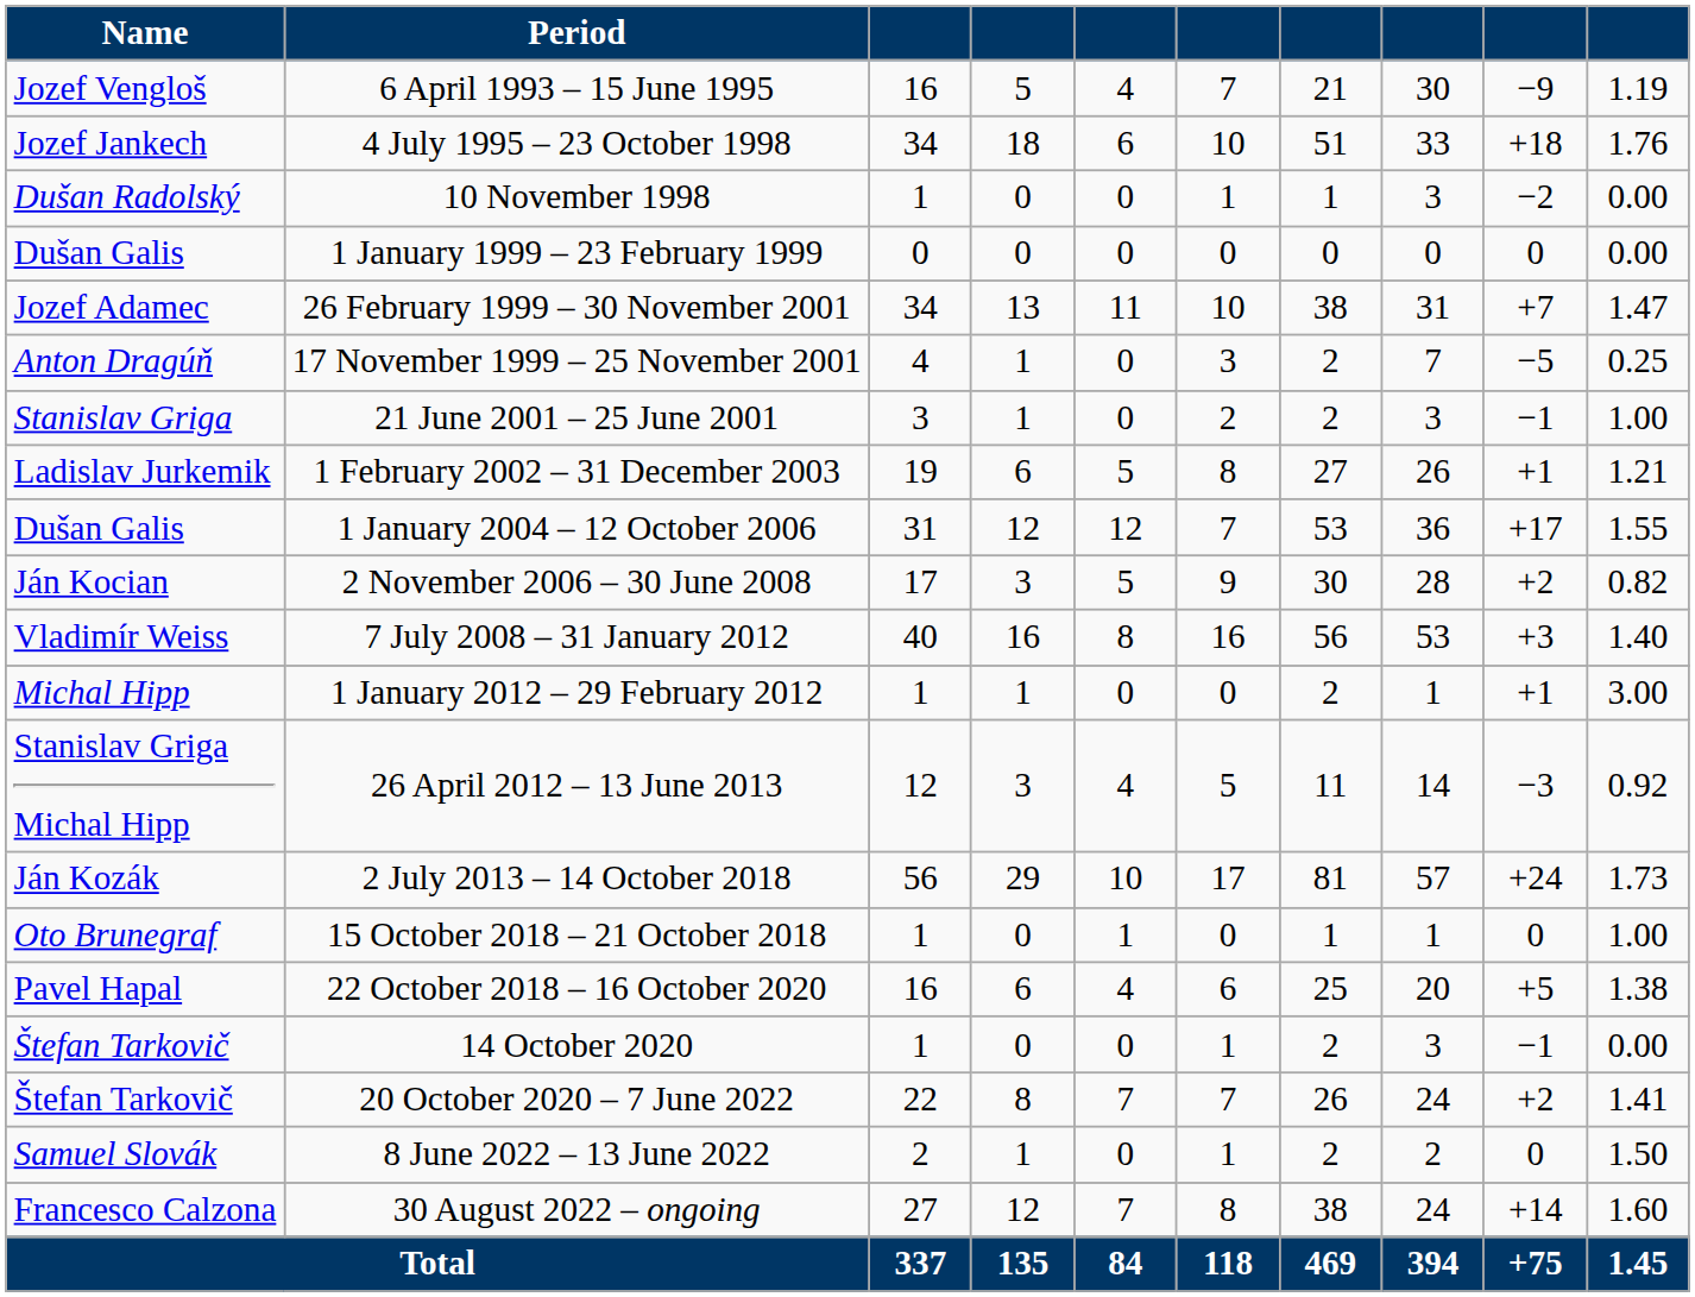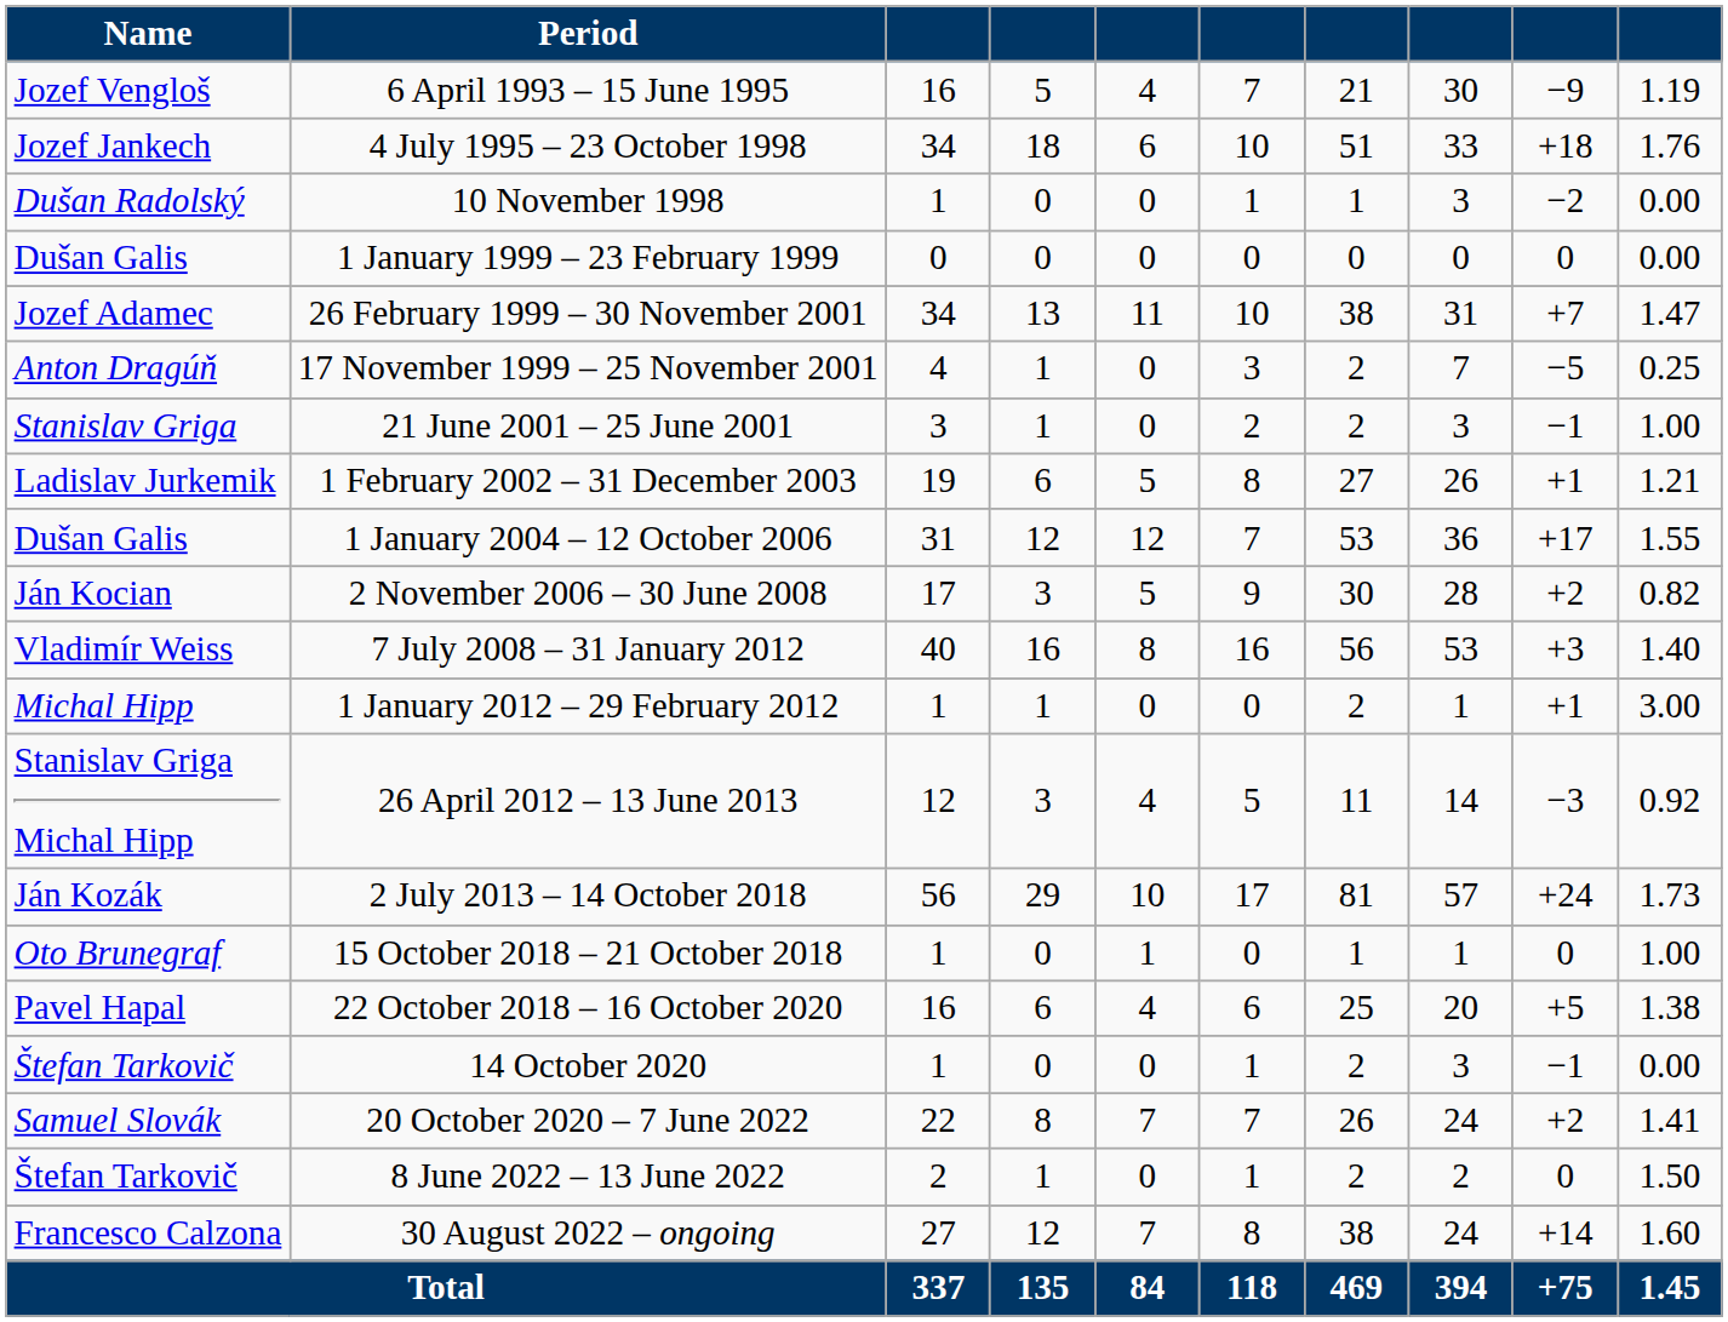 <table class="wikitable sortable" style="text-align: center; font-size:">
 <tr>
 <th style="background:#003665; color:white; ">Name</th>
 <th style="background:#003665; color:white; ">Period</th>
 <th style="width:40px; background:#003665; color:white; "></th>
 <th style="width:40px; background:#003665; color:white; "></th>
 <th style="width:40px; background:#003665; color:white; "></th>
 <th style="width:40px; background:#003665; color:white; "></th>
 <th style="width:40px; background:#003665; color:white; "></th>
 <th style="width:40px; background:#003665; color:white; "></th>
 <th style="width:40px; background:#003665; color:white; "></th>
 <th style="width:40px; background:#003665; color:white; "></th>
 </tr>
 <tr>
 <td align=left> <a href='#'>Jozef Vengloš</a></td>
 <td>6 April 1993 – 15 June 1995</td>
 <td>16</td>
 <td>5</td>
 <td>4</td>
 <td>7</td>
 <td>21</td>
 <td>30</td>
 <td>−9</td>
 <td>1.19</td>
 </tr>
 <tr>
 <td align=left> <a href='#'>Jozef Jankech</a></td>
 <td>4 July 1995 – 23 October 1998</td>
 <td>34</td>
 <td>18</td>
 <td>6</td>
 <td>10</td>
 <td>51</td>
 <td>33</td>
 <td>+18</td>
 <td>1.76</td>
 </tr>
 <tr>
 <td align=left> <em><a href='#'>Dušan Radolský</a></em></td>
 <td>10 November 1998</td>
 <td>1</td>
 <td>0</td>
 <td>0</td>
 <td>1</td>
 <td>1</td>
 <td>3</td>
 <td>−2</td>
 <td>0.00</td>
 </tr>
 <tr>
 <td align=left> <a href='#'>Dušan Galis</a></td>
 <td>1 January 1999 – 23 February 1999</td>
 <td>0</td>
 <td>0</td>
 <td>0</td>
 <td>0</td>
 <td>0</td>
 <td>0</td>
 <td>0</td>
 <td>0.00</td>
 </tr>
 <tr>
 <td align=left> <a href='#'>Jozef Adamec</a></td>
 <td>26 February 1999 – 30 November 2001</td>
 <td>34</td>
 <td>13</td>
 <td>11</td>
 <td>10</td>
 <td>38</td>
 <td>31</td>
 <td>+7</td>
 <td>1.47</td>
 </tr>
 <tr>
 <td align=left> <em><a href='#'>Anton Dragúň</a></em></td>
 <td>17 November 1999 – 25 November 2001</td>
 <td>4</td>
 <td>1</td>
 <td>0</td>
 <td>3</td>
 <td>2</td>
 <td>7</td>
 <td>−5</td>
 <td>0.25</td>
 </tr>
 <tr>
 <td align=left> <em><a href='#'>Stanislav Griga</a></em></td>
 <td>21 June 2001 – 25 June 2001</td>
 <td>3</td>
 <td>1</td>
 <td>0</td>
 <td>2</td>
 <td>2</td>
 <td>3</td>
 <td>−1</td>
 <td>1.00</td>
 </tr>
 <tr>
 <td align=left> <a href='#'>Ladislav Jurkemik</a></td>
 <td>1 February 2002 – 31 December 2003</td>
 <td>19</td>
 <td>6</td>
 <td>5</td>
 <td>8</td>
 <td>27</td>
 <td>26</td>
 <td>+1</td>
 <td>1.21</td>
 </tr>
 <tr>
 <td align=left> <a href='#'>Dušan Galis</a></td>
 <td>1 January 2004 – 12 October 2006</td>
 <td>31</td>
 <td>12</td>
 <td>12</td>
 <td>7</td>
 <td>53</td>
 <td>36</td>
 <td>+17</td>
 <td>1.55</td>
 </tr>
 <tr>
 <td align=left> <a href='#'>Ján Kocian</a></td>
 <td>2 November 2006 – 30 June 2008</td>
 <td>17</td>
 <td>3</td>
 <td>5</td>
 <td>9</td>
 <td>30</td>
 <td>28</td>
 <td>+2</td>
 <td>0.82</td>
 </tr>
 <tr>
 <td align=left> <a href='#'>Vladimír Weiss</a></td>
 <td>7 July 2008 – 31 January 2012</td>
 <td>40</td>
 <td>16</td>
 <td>8</td>
 <td>16</td>
 <td>56</td>
 <td>53</td>
 <td>+3</td>
 <td>1.40</td>
 </tr>
 <tr>
 <td align=left> <em><a href='#'>Michal Hipp</a></em></td>
 <td>1 January 2012 – 29 February 2012</td>
 <td>1</td>
 <td>1</td>
 <td>0</td>
 <td>0</td>
 <td>2</td>
 <td>1</td>
 <td>+1</td>
 <td>3.00</td>
 </tr>
 <tr>
 <td align=left> <a href='#'>Stanislav Griga</a><hr> <a href='#'>Michal Hipp</a></td>
 <td>26 April 2012 – 13 June 2013</td>
 <td>12</td>
 <td>3</td>
 <td>4</td>
 <td>5</td>
 <td>11</td>
 <td>14</td>
 <td>−3</td>
 <td>0.92</td>
 </tr>
 <tr>
 <td align=left> <a href='#'>Ján Kozák</a></td>
 <td>2 July 2013 – 14 October 2018</td>
 <td>56</td>
 <td>29</td>
 <td>10</td>
 <td>17</td>
 <td>81</td>
 <td>57</td>
 <td>+24</td>
 <td>1.73</td>
 </tr>
 <tr>
 <td align=left> <em><a href='#'>Oto Brunegraf</a></em></td>
 <td>15 October 2018 – 21 October 2018</td>
 <td>1</td>
 <td>0</td>
 <td>1</td>
 <td>0</td>
 <td>1</td>
 <td>1</td>
 <td>0</td>
 <td>1.00</td>
 </tr>
 <tr>
 <td align=left> <a href='#'>Pavel Hapal</a></td>
 <td>22 October 2018 – 16 October 2020</td>
 <td>16</td>
 <td>6</td>
 <td>4</td>
 <td>6</td>
 <td>25</td>
 <td>20</td>
 <td>+5</td>
 <td>1.38</td>
 </tr>
 <tr>
 <td align=left> <em><a href='#'>Štefan Tarkovič</a></em></td>
 <td>14 October 2020</td>
 <td>1</td>
 <td>0</td>
 <td>0</td>
 <td>1</td>
 <td>2</td>
 <td>3</td>
 <td>−1</td>
 <td>0.00</td>
 </tr>
 <tr>
-<td align=left> <a href='#'>Štefan Tarkovič</a></td>
+<td align=left> <em><a href='#'>Samuel Slovák</a></em></td>
 <td>20 October 2020 – 7 June 2022</td>
 <td>22</td>
 <td>8</td>
 <td>7</td>
 <td>7</td>
 <td>26</td>
 <td>24</td>
 <td>+2</td>
 <td>1.41</td>
 </tr>
 <tr>
-<td align=left> <em><a href='#'>Samuel Slovák</a></em></td>
+<td align=left> <a href='#'>Štefan Tarkovič</a></td>
 <td>8 June 2022 – 13 June 2022</td>
 <td>2</td>
 <td>1</td>
 <td>0</td>
 <td>1</td>
 <td>2</td>
 <td>2</td>
 <td>0</td>
 <td>1.50</td>
 </tr>
 <tr>
 <td align=left> <a href='#'>Francesco Calzona</a></td>
 <td>30 August 2022 – <em>ongoing</em></td>
 <td>27</td>
 <td>12</td>
 <td>7</td>
 <td>8</td>
 <td>38</td>
 <td>24</td>
 <td>+14</td>
 <td>1.60</td>
 </tr>
 <tr>
 </tr>
 <tr class="sortbottom">
 <td colspan="2" style="background:#003665; color:white; "><strong>Total</strong></td>
 <td style="background:#003665; color:white; "><strong>337</strong></td>
 <td style="background:#003665; color:white; "><strong>135</strong></td>
 <td style="background:#003665; color:white; "><strong>84</strong></td>
 <td style="background:#003665; color:white; "><strong>118</strong></td>
 <td style="background:#003665; color:white; "><strong>469</strong></td>
 <td style="background:#003665; color:white; "><strong>394</strong></td>
 <td style="background:#003665; color:white; "><strong>+75</strong></td>
 <td style="background:#003665; color:white; "><strong>1.45</strong></td>
 </tr>
 </table>
